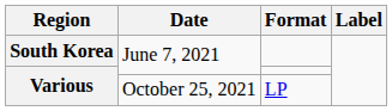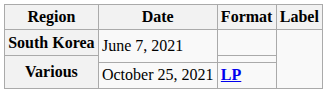 <table class="wikitable plainrowheaders">
 <tr>
 <th scope="col">Region</th>
 <th scope="col">Date</th>
 <th scope="col">Format</th>
 <th scope="col">Label</th>
 </tr>
 <tr>
 <th scope="row">South Korea</th>
 <td rowspan="2">June 7, 2021</td>
 <td></td>
 <td rowspan="3"></td>
 </tr>
 <tr>
 <th scope="row" rowspan="2">Various</th>
 <td></td>
 </tr>
 <tr>
 <td>October 25, 2021</td>
-<td><a href='#'>LP</a></td>
+<td><strong><a href='#'>LP</a></strong></td>
 </tr>
 </table>
